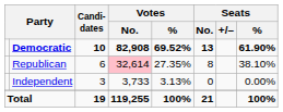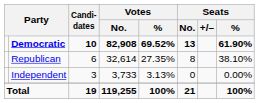 <table class="wikitable" style="font-size:100%; text-align:right;">
 <tr>
 <th colspan=2 rowspan=2>Party</th>
 <th rowspan=2><small>Candi-<br>dates</small></th>
 <th colspan=2>Votes</th>
 <th colspan=3>Seats</th>
 </tr>
 <tr>
 <th>No.</th>
 <th>%</th>
 <th>No.</th>
 <th>+/–</th>
 <th>%</th>
 </tr>
 <tr>
 <td style="background:"></td>
 <td align=left><strong><a href='#'>Democratic</a></strong></td>
 <td><strong>10</strong></td>
 <td><strong>82,908</strong></td>
 <td><strong>69.52%</strong></td>
 <td><strong>13</strong></td>
 <td></td>
 <td><strong>61.90%</strong></td>
 </tr>
 <tr>
 <td style="background:"></td>
 <td align=left><a href='#'>Republican</a></td>
 <td>6</td>
-<td style="background: pink;">32,614</td>
+<td>32,614</td>
 <td>27.35%</td>
 <td>8</td>
 <td></td>
 <td>38.10%</td>
 </tr>
 <tr>
 <td style="background:"></td>
 <td align=left><a href='#'>Independent</a></td>
 <td>3</td>
 <td>3,733</td>
 <td>3.13%</td>
 <td>0</td>
 <td></td>
 <td>0.00%</td>
 </tr>
 <tr>
 </tr>
 <tr style="font-weight:bold">
 <td colspan=2 align=left>Total</td>
 <td>19</td>
 <td>119,255</td>
 <td>100%</td>
 <td>21</td>
 <td></td>
 <td>100%</td>
 </tr>
 </table>
